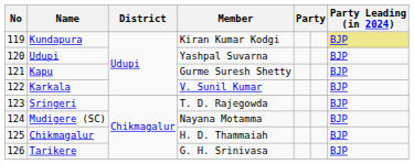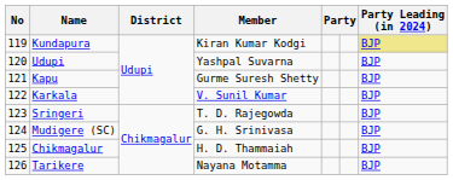 <table class="wikitable">
 <tr>
 <th>No</th>
 <th>Name</th>
 <th>District</th>
 <th>Member</th>
 <th colspan="2">Party</th>
 <th colspan="2">Party Leading<br>(in <a href='#'>2024</a>)</th>
 </tr>
 <tr>
 <td>119</td>
 <td><a href='#'>Kundapura</a></td>
 <td rowspan="4"><a href='#'>Udupi</a></td>
 <td>Kiran Kumar Kodgi</td>
 <td></td>
 <td style="background-color: "></td>
 <td style="background: khaki;"><a href='#'>BJP</a></td>
 </tr>
 <tr>
 <td>120</td>
 <td><a href='#'>Udupi</a></td>
 <td>Yashpal Suvarna</td>
 <td></td>
 <td style="background-color: "></td>
 <td><a href='#'>BJP</a></td>
 </tr>
 <tr>
 <td>121</td>
 <td><a href='#'>Kapu</a></td>
 <td>Gurme Suresh Shetty</td>
 <td></td>
 <td style="background-color: "></td>
 <td><a href='#'>BJP</a></td>
 </tr>
 <tr>
 <td>122</td>
 <td><a href='#'>Karkala</a></td>
 <td><a href='#'>V. Sunil Kumar</a></td>
 <td></td>
 <td style="background-color: "></td>
 <td><a href='#'>BJP</a></td>
 </tr>
 <tr>
 <td>123</td>
 <td><a href='#'>Sringeri</a></td>
 <td rowspan="4"><a href='#'>Chikmagalur</a></td>
 <td>T. D. Rajegowda</td>
 <td></td>
 <td style="background-color: "></td>
 <td><a href='#'>BJP</a></td>
 </tr>
 <tr>
 <td>124</td>
 <td><a href='#'>Mudigere</a> (SC)</td>
-<td>Nayana Motamma</td>
+<td>G. H. Srinivasa</td>
 <td></td>
 <td style="background-color: "></td>
 <td><a href='#'>BJP</a></td>
 </tr>
 <tr>
 <td>125</td>
 <td><a href='#'>Chikmagalur</a></td>
 <td>H. D. Thammaiah</td>
 <td></td>
 <td style="background-color: "></td>
 <td><a href='#'>BJP</a></td>
 </tr>
 <tr>
 <td>126</td>
 <td><a href='#'>Tarikere</a></td>
-<td>G. H. Srinivasa</td>
+<td>Nayana Motamma</td>
 <td></td>
 <td style="background-color: "></td>
 <td><a href='#'>BJP</a></td>
 </tr>
 </table>
